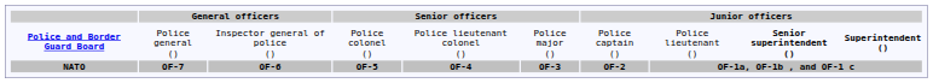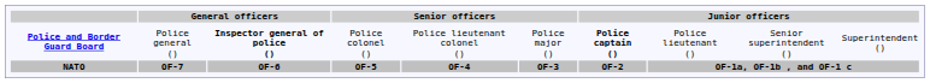 <table style="border:1px solid #8888aa; background-color:#f7f8ff; padding:5px; font-size:95%; margin: 0px 12px 12px 0px;">
 <tr style="background-color:#CCCCCC;">
 <th></th>
 <th colspan=2>General officers</th>
 <th colspan=3>Senior officers</th>
 <th colspan=4>Junior officers</th>
 </tr>
 <tr style="text-align:center;">
 <td rowspan=2><strong> <a href='#'>Police and Border Guard Board</a></strong></td>
 <td></td>
 <td></td>
 <td></td>
 <td></td>
 <td></td>
 <td></td>
 <td></td>
 <td></td>
 <td></td>
 </tr>
 <tr style="text-align:center;">
 <td>Police general<br>()</td>
-<td>Inspector general of police<br>()</td>
+<td><strong>Inspector general of police<br>()</strong></td>
 <td>Police colonel<br>()</td>
 <td>Police lieutenant colonel<br>()</td>
 <td>Police major<br>()</td>
-<td>Police captain<br>()</td>
+<td><strong>Police captain<br>()</strong></td>
 <td>Police lieutenant<br>()</td>
-<td><strong>Senior superintendent<br>()</strong></td>
-<td><strong>Superintendent<br>()</strong></td>
+<td>Senior superintendent<br>()</td>
+<td>Superintendent<br>()</td>
 </tr>
 <tr bgcolor="silver" style="text-align:center;">
 <th>NATO</th>
 <th>OF-7</th>
 <th>OF-6</th>
 <th>OF-5</th>
 <th>OF-4</th>
 <th>OF-3</th>
 <th>OF-2</th>
 <th colspan = "6">OF-1a, OF-1b , and OF-1 c</th>
 </tr>
 </table>
